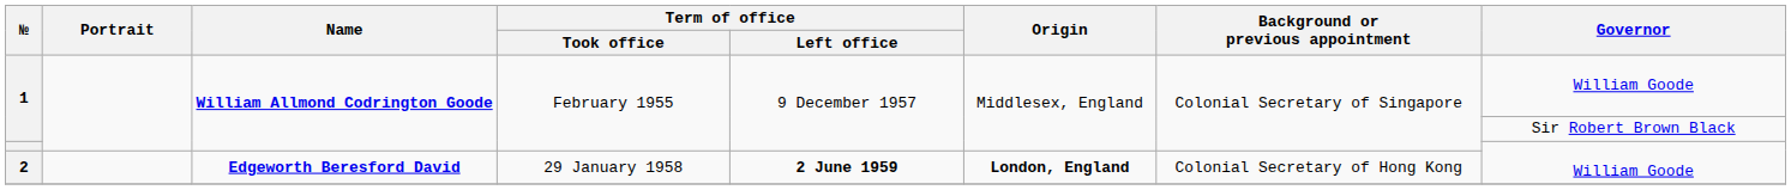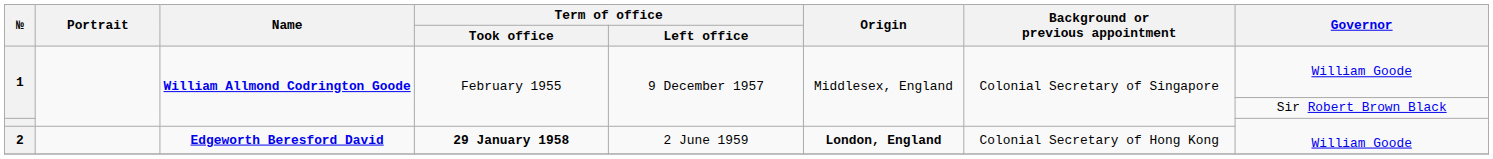 <table class=wikitable style=text-align:center width=1500px>
 <tr>
 <th rowspan=2 width=25px><strong>№</strong></th>
 <th rowspan=2 width=120px>Portrait</th>
 <th rowspan=2 width=250px>Name<br></th>
 <th colspan=2 width=350px>Term of office</th>
 <th rowspan=2>Origin</th>
 <th rowspan=2>Background or<br>previous appointment</th>
 <th rowspan=2 width=250px><a href='#'>Governor</a><br></th>
 </tr>
 <tr>
 <th>Took office</th>
 <th>Left office</th>
 </tr>
 <tr>
 <th rowspan=2>1</th>
 <td rowspan=3></td>
 <td rowspan=3><strong><a href='#'>William Allmond Codrington Goode</a></strong><br></td>
 <td rowspan=3>February 1955</td>
 <td rowspan=3>9 December 1957</td>
 <td rowspan=3>Middlesex, England</td>
 <td rowspan=3>Colonial Secretary of Singapore</td>
 <td><br><a href='#'>William Goode</a><br><br><em></em></td>
 </tr>
 <tr>
 <td>Sir <a href='#'>Robert Brown Black</a><br></td>
 </tr>
 <tr>
 <th></th>
 <td rowspan=2><br><a href='#'>William Goode</a><br></td>
 </tr>
 <tr>
 <th>2</th>
 <td></td>
 <td><strong><a href='#'>Edgeworth Beresford David</a></strong><br></td>
-<td>29 January 1958</td>
-<td><strong>2 June 1959</strong></td>
+<td><strong>29 January 1958</strong></td>
+<td>2 June 1959</td>
 <td><strong>London, England</strong></td>
 <td>Colonial Secretary of Hong Kong</td>
 </tr>
 <tr>
 </tr>
 </table>
